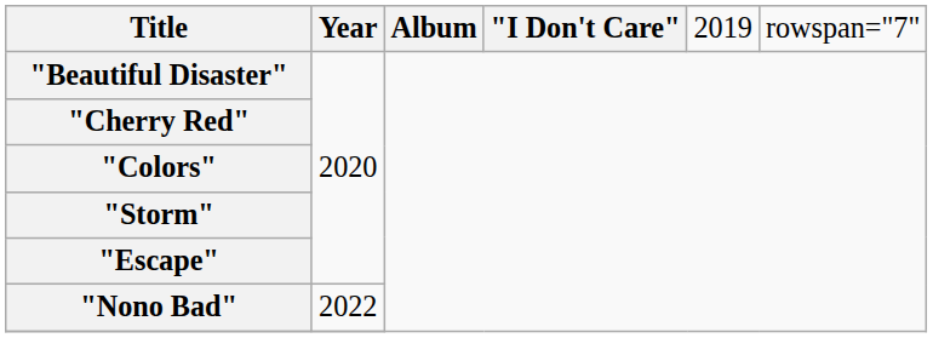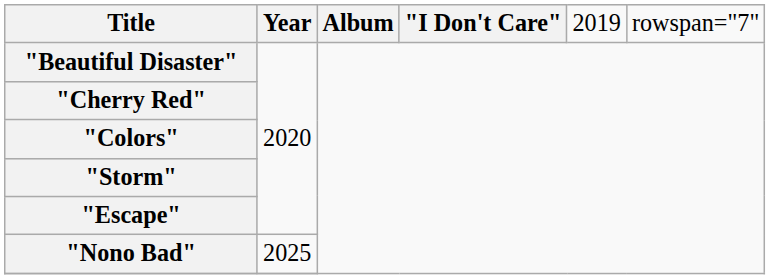 <table class="wikitable plainrowheaders" style="text-align:center;">
 <tr>
 <th scope="col" style="width:10em;">Title</th>
 <th scope="col" style="width:1em;">Year</th>
 <th scope="col">Album</th>
 <th scope="row">"I Don't Care"</th>
 <td rowspan="1">2019</td>
 <td>rowspan="7" </td>
 </tr>
 <tr>
 <th scope="row">"Beautiful Disaster"</th>
 <td rowspan="5">2020</td>
 </tr>
 <tr>
 <th scope="row">"Cherry Red"</th>
 </tr>
 <tr>
 <th scope="row">"Colors"</th>
 </tr>
 <tr>
 <th scope="row">"Storm"</th>
 </tr>
 <tr>
 <th scope="row">"Escape"</th>
 </tr>
 <tr>
 <th scope="row">"Nono Bad"</th>
-<td>2022</td>
+<td>2025</td>
 </tr>
 <tr>
 </tr>
 </table>
